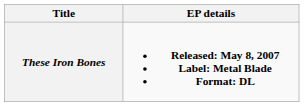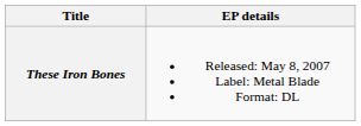 <table class="wikitable plainrowheaders" style="text-align:center;">
 <tr>
 <th scope="col" style="width:10em;">Title</th>
 <th scope="col" style="width:15em;">EP details</th>
 </tr>
 <tr>
 <th scope="row"><em>These Iron Bones</em> </th>
-<td><strong><br><ul><li>Released: May 8, 2007</li><li>Label: Metal Blade</li><li>Format: DL</li></ul></strong></td>
+<td><br><ul><li>Released: May 8, 2007</li><li>Label: Metal Blade</li><li>Format: DL</li></ul></td>
 </tr>
 </table>
